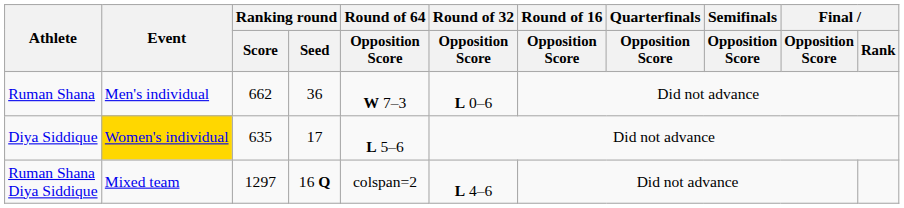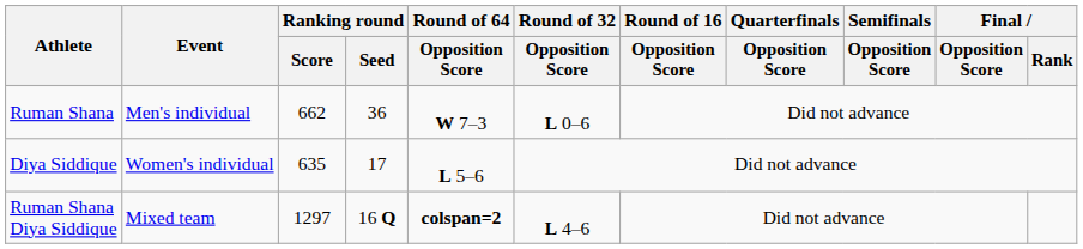 <table class="wikitable" style="font-size:90%">
 <tr>
 <th rowspan=2>Athlete</th>
 <th rowspan=2>Event</th>
 <th colspan="2">Ranking round</th>
 <th>Round of 64</th>
 <th>Round of 32</th>
 <th>Round of 16</th>
 <th>Quarterfinals</th>
 <th>Semifinals</th>
 <th colspan="2">Final / </th>
 </tr>
 <tr style="font-size:95%">
 <th>Score</th>
 <th>Seed</th>
 <th>Opposition<br>Score</th>
 <th>Opposition<br>Score</th>
 <th>Opposition<br>Score</th>
 <th>Opposition<br>Score</th>
 <th>Opposition<br>Score</th>
 <th>Opposition<br>Score</th>
 <th>Rank</th>
 </tr>
 <tr align=center>
 <td align=left><a href='#'>Ruman Shana</a></td>
 <td align=left><a href='#'>Men's individual</a></td>
 <td>662</td>
 <td>36</td>
 <td> <br><strong>W</strong> 7–3</td>
 <td><br><strong>L</strong> 0–6</td>
 <td colspan="5">Did not advance</td>
 </tr>
 <tr align=center>
 <td align=left><a href='#'>Diya Siddique</a></td>
-<td align=left style="background: gold;"><a href='#'>Women's individual</a></td>
+<td align=left><a href='#'>Women's individual</a></td>
 <td>635</td>
 <td>17</td>
 <td><br><strong>L</strong> 5–6</td>
 <td colspan=6>Did not advance</td>
 </tr>
 <tr align=center>
 <td align=left><a href='#'>Ruman Shana</a><br><a href='#'>Diya Siddique</a></td>
 <td align=left><a href='#'>Mixed team</a></td>
 <td>1297</td>
 <td>16 <strong>Q</strong></td>
-<td>colspan=2 </td>
+<td><strong>colspan=2 </strong></td>
 <td><br><strong>L</strong> 4–6</td>
 <td colspan=4>Did not advance</td>
 </tr>
 </table>
